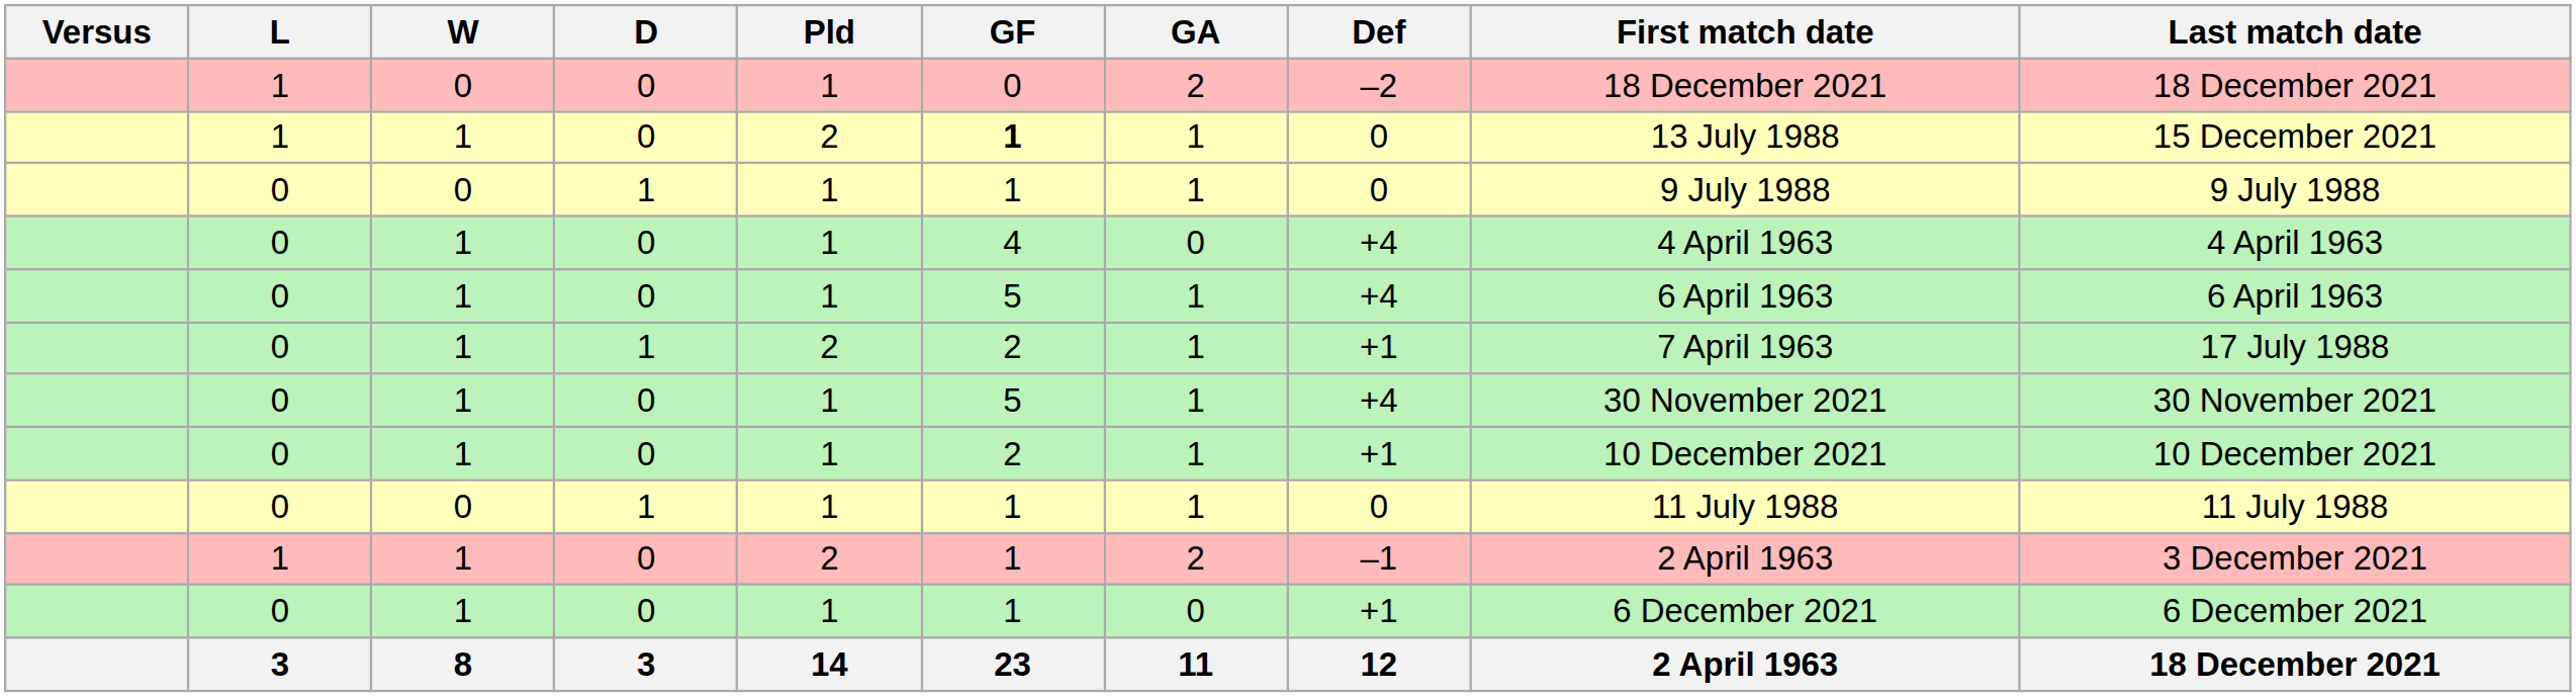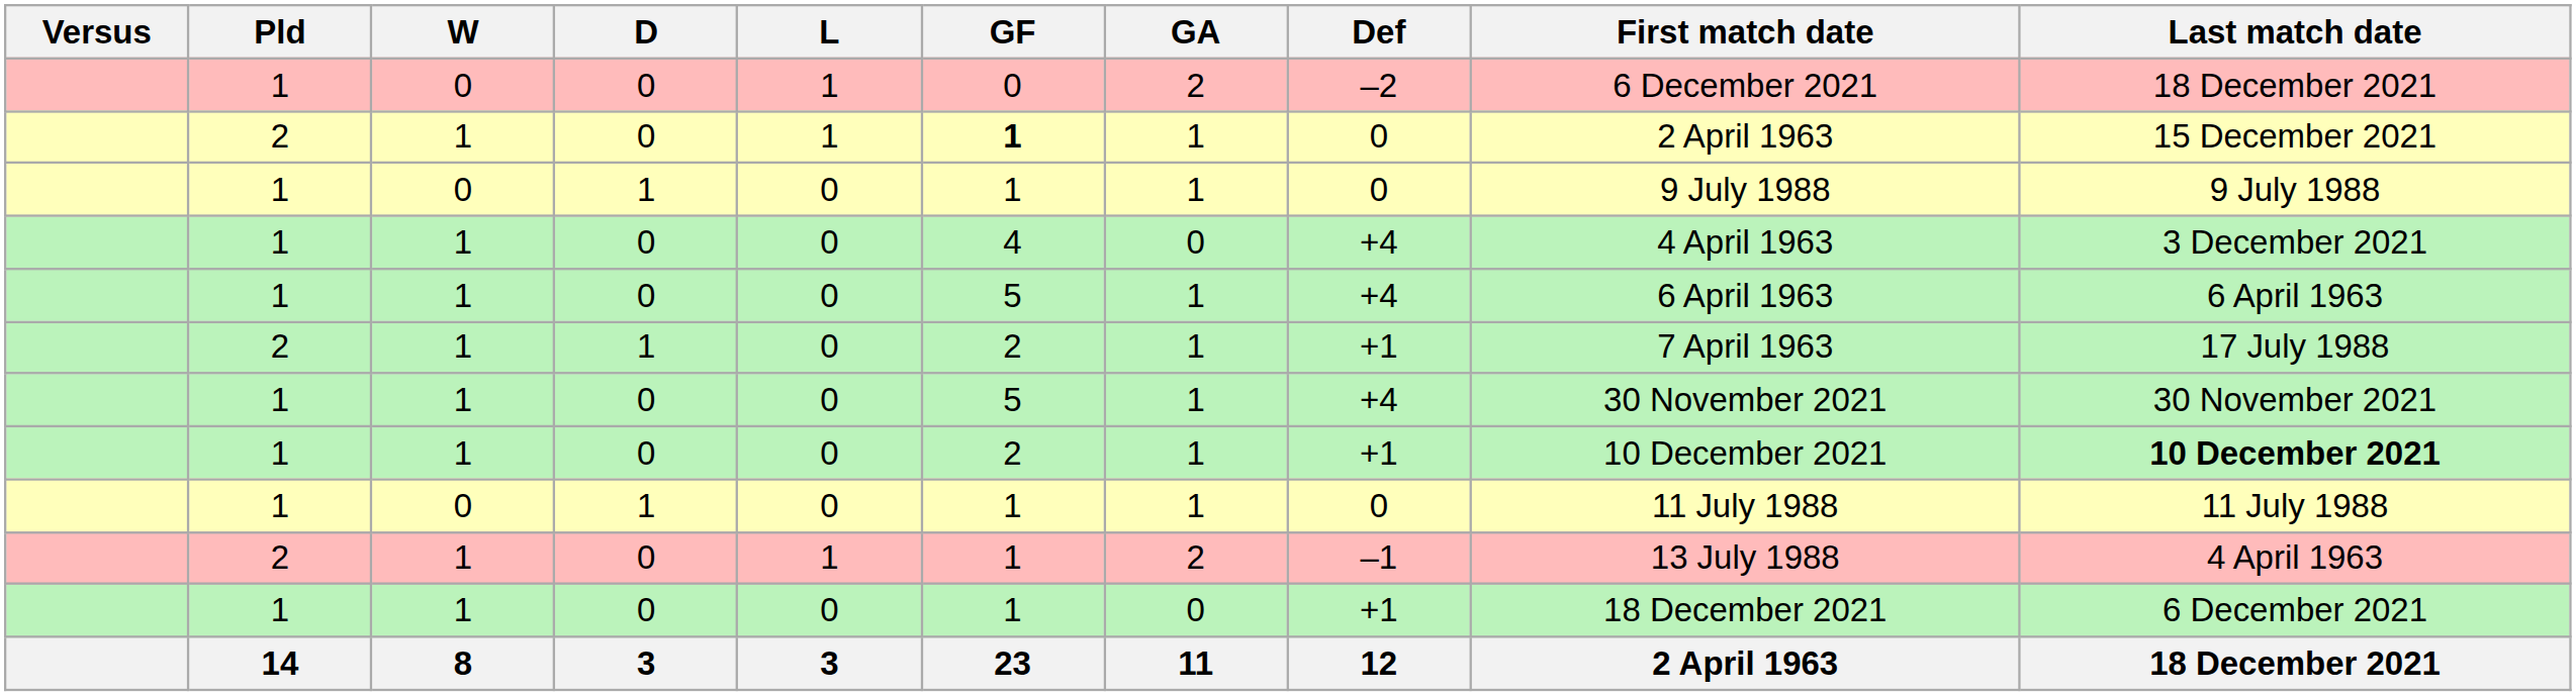 <table class="wikitable collapsed" style="font-size:90%; text-align:center;" width="70%">
 <tr>
 <th width="5%">Versus</th>
-<th width="5%">L</th>
+<th width="5%">Pld</th>
 <th width="5%">W</th>
 <th width="5%">D</th>
-<th width="5%">Pld</th>
+<th width="5%">L</th>
 <th width="5%">GF</th>
 <th width="5%">GA</th>
 <th width="5%">Def</th>
 <th width="15%">First match date</th>
 <th width="15%">Last match date</th>
 </tr>
 <tr bgcolor="#ffbbbb">
 <td align="left"></td>
 <td>1</td>
 <td>0</td>
 <td>0</td>
 <td>1</td>
 <td>0</td>
 <td>2</td>
 <td>–2</td>
-<td>18 December 2021</td>
+<td>6 December 2021</td>
 <td>18 December 2021</td>
 </tr>
 <tr bgcolor="#ffffbb">
 <td align="left"></td>
-<td>1</td>
+<td>2</td>
 <td>1</td>
 <td>0</td>
-<td>2</td>
+<td>1</td>
 <td><strong>1</strong></td>
 <td>1</td>
 <td>0</td>
-<td>13 July 1988</td>
+<td>2 April 1963</td>
 <td>15 December 2021</td>
 </tr>
 <tr bgcolor="#ffffbb">
 <td align="left"></td>
-<td>0</td>
+<td>1</td>
 <td>0</td>
 <td>1</td>
-<td>1</td>
+<td>0</td>
 <td>1</td>
 <td>1</td>
 <td>0</td>
 <td>9 July 1988</td>
 <td>9 July 1988</td>
 </tr>
 <tr bgcolor="#bbf3bb">
 <td align="left"></td>
-<td>0</td>
+<td>1</td>
 <td>1</td>
 <td>0</td>
-<td>1</td>
+<td>0</td>
 <td>4</td>
 <td>0</td>
 <td>+4</td>
 <td>4 April 1963</td>
-<td>4 April 1963</td>
+<td>3 December 2021</td>
 </tr>
 <tr bgcolor="#bbf3bb">
 <td align="left"></td>
-<td>0</td>
+<td>1</td>
 <td>1</td>
 <td>0</td>
-<td>1</td>
+<td>0</td>
 <td>5</td>
 <td>1</td>
 <td>+4</td>
 <td>6 April 1963</td>
 <td>6 April 1963</td>
 </tr>
 <tr bgcolor="#bbf3bb">
 <td align="left"></td>
-<td>0</td>
+<td>2</td>
 <td>1</td>
 <td>1</td>
-<td>2</td>
+<td>0</td>
 <td>2</td>
 <td>1</td>
 <td>+1</td>
 <td>7 April 1963</td>
 <td>17 July 1988</td>
 </tr>
 <tr bgcolor="#bbf3bb">
 <td align="left"></td>
-<td>0</td>
+<td>1</td>
 <td>1</td>
 <td>0</td>
-<td>1</td>
+<td>0</td>
 <td>5</td>
 <td>1</td>
 <td>+4</td>
 <td>30 November 2021</td>
 <td>30 November 2021</td>
 </tr>
 <tr bgcolor="#bbf3bb">
 <td align="left"></td>
-<td>0</td>
+<td>1</td>
 <td>1</td>
 <td>0</td>
-<td>1</td>
+<td>0</td>
 <td>2</td>
 <td>1</td>
 <td>+1</td>
 <td>10 December 2021</td>
-<td>10 December 2021</td>
+<td><strong>10 December 2021</strong></td>
 </tr>
 <tr bgcolor="#ffffbb">
 <td align="left"></td>
-<td>0</td>
+<td>1</td>
 <td>0</td>
 <td>1</td>
-<td>1</td>
+<td>0</td>
 <td>1</td>
 <td>1</td>
 <td>0</td>
 <td>11 July 1988</td>
 <td>11 July 1988</td>
 </tr>
 <tr bgcolor="#ffbbbb">
 <td align="left"></td>
-<td>1</td>
-<td>1</td>
-<td>0</td>
 <td>2</td>
-<td>1</td>
-<td>2</td>
-<td>–1</td>
-<td>2 April 1963</td>
-<td>3 December 2021</td>
-</tr>
-<tr bgcolor="#bbf3bb">
-<td align="left"></td>
-<td>0</td>
 <td>1</td>
 <td>0</td>
 <td>1</td>
 <td>1</td>
+<td>2</td>
+<td>–1</td>
+<td>13 July 1988</td>
+<td>4 April 1963</td>
+</tr>
+<tr bgcolor="#bbf3bb">
+<td align="left"></td>
+<td>1</td>
+<td>1</td>
+<td>0</td>
+<td>0</td>
+<td>1</td>
 <td>0</td>
 <td>+1</td>
-<td>6 December 2021</td>
+<td>18 December 2021</td>
 <td>6 December 2021</td>
 </tr>
 <tr>
 <th></th>
-<th>3</th>
+<th>14</th>
 <th>8</th>
 <th>3</th>
-<th>14</th>
+<th>3</th>
 <th>23</th>
 <th>11</th>
 <th>12</th>
 <th>2 April 1963</th>
 <th>18 December 2021</th>
 </tr>
 </table>
